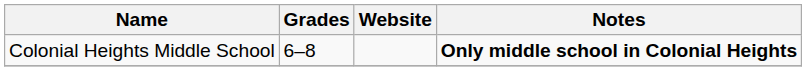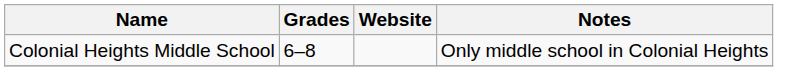 <table class="wikitable">
 <tr>
 <th>Name</th>
 <th>Grades</th>
 <th>Website</th>
 <th>Notes</th>
 </tr>
 <tr>
 <td>Colonial Heights Middle School</td>
 <td>6–8</td>
 <td></td>
-<td><strong>Only middle school in Colonial Heights</strong></td>
+<td>Only middle school in Colonial Heights</td>
 </tr>
 <tr>
 </tr>
 </table>
